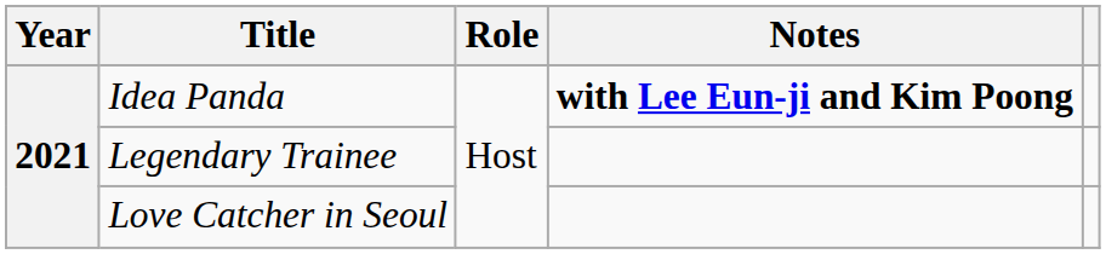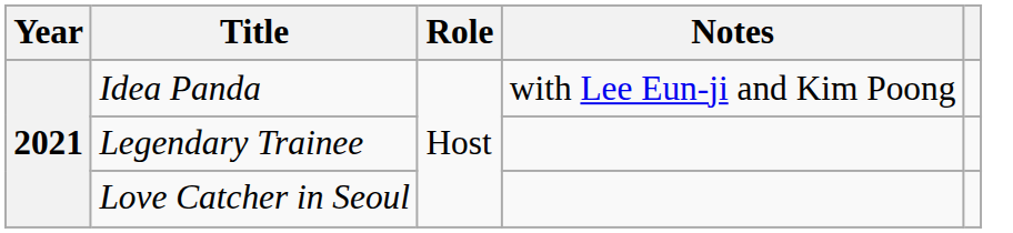 <table class="wikitable sortable plainrowheaders">
 <tr>
 <th scope="col">Year</th>
 <th scope="col">Title</th>
 <th scope="col">Role</th>
 <th scope="col">Notes</th>
 <th scope="col" class="unsortable"></th>
 </tr>
 <tr>
 <th scope="row" rowspan=3>2021</th>
 <td><em>Idea Panda</em></td>
 <td rowspan=3>Host</td>
-<td><strong>with <a href='#'>Lee Eun-ji</a> and Kim Poong</strong></td>
+<td>with <a href='#'>Lee Eun-ji</a> and Kim Poong</td>
 <td style="text-align:center"></td>
 </tr>
 <tr>
 <td><em>Legendary Trainee</em></td>
 <td></td>
 <td style="text-align:center"></td>
 </tr>
 <tr>
 <td><em>Love Catcher in Seoul</em></td>
 <td></td>
 <td style="text-align:center"></td>
 </tr>
 </table>
